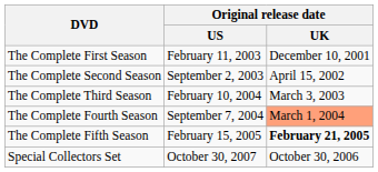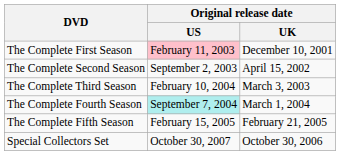 <table class="wikitable">
 <tr>
 <th rowspan="2">DVD</th>
 <th colspan="3">Original release date</th>
 </tr>
 <tr>
 <th>US</th>
 <th>UK</th>
 </tr>
 <tr>
 <td>The Complete First Season</td>
-<td>February 11, 2003</td>
+<td style="background: pink;">February 11, 2003</td>
 <td>December 10, 2001</td>
 </tr>
 <tr>
 <td>The Complete Second Season</td>
 <td>September 2, 2003</td>
 <td>April 15, 2002</td>
 </tr>
 <tr>
 <td>The Complete Third Season</td>
 <td>February 10, 2004</td>
 <td>March 3, 2003</td>
 </tr>
 <tr>
 <td>The Complete Fourth Season</td>
-<td>September 7, 2004</td>
-<td style="background: lightsalmon;">March 1, 2004</td>
+<td style="background: paleturquoise;">September 7, 2004</td>
+<td>March 1, 2004</td>
 </tr>
 <tr>
 <td>The Complete Fifth Season</td>
 <td>February 15, 2005</td>
-<td><strong>February 21, 2005</strong></td>
+<td>February 21, 2005</td>
 </tr>
 <tr>
 <td>Special Collectors Set</td>
 <td>October 30, 2007</td>
 <td>October 30, 2006</td>
 </tr>
 </table>
